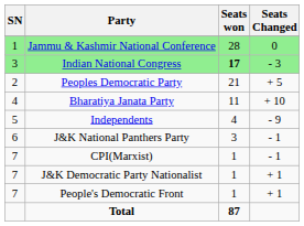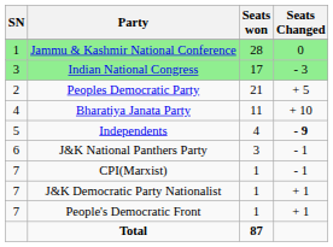 <table class="wikitable sortable" style="text-align:center;">
 <tr bgcolor="#cccccc">
 <th>SN</th>
 <th>Party</th>
 <th>Seats<br>won</th>
 <th>Seats<br> Changed</th>
 </tr>
 <tr>
 </tr>
 <tr style="background: #90EE90;">
 <td>1</td>
 <td><a href='#'>Jammu & Kashmir National Conference</a></td>
 <td>28</td>
 <td>0</td>
 </tr>
 <tr style="background: #90EE90;">
 <td>3</td>
 <td><a href='#'>Indian National Congress</a></td>
-<td><strong>17</strong></td>
+<td>17</td>
 <td>- 3</td>
 </tr>
 <tr>
 <td>2</td>
 <td><a href='#'>Peoples Democratic Party</a></td>
 <td>21</td>
 <td>+ 5</td>
 </tr>
 <tr>
 <td>4</td>
 <td><a href='#'>Bharatiya Janata Party</a></td>
 <td>11</td>
 <td>+ 10</td>
 </tr>
 <tr>
 <td>5</td>
 <td><a href='#'>Independents</a></td>
 <td>4</td>
-<td>- 9</td>
+<td><strong>- 9</strong></td>
 </tr>
 <tr>
 <td>6</td>
 <td>J&K National Panthers Party</td>
 <td>3</td>
 <td>- 1</td>
 </tr>
 <tr>
 <td>7</td>
 <td>CPI(Marxist)</td>
 <td>1</td>
 <td>- 1</td>
 </tr>
 <tr>
 <td>7</td>
 <td>J&K Democratic Party Nationalist</td>
 <td>1</td>
 <td>+ 1</td>
 </tr>
 <tr>
 <td>7</td>
 <td>People's Democratic Front</td>
 <td>1</td>
 <td>+ 1</td>
 </tr>
 <tr>
 <td></td>
 <td><strong>Total</strong></td>
 <td><strong>87</strong></td>
 <td></td>
 </tr>
 </table>
